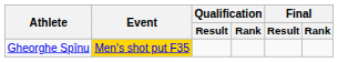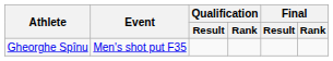 <table class="wikitable" style="font-size:90%">
 <tr>
 <th rowspan="2">Athlete</th>
 <th rowspan="2">Event</th>
 <th colspan="2">Qualification</th>
 <th colspan="2">Final</th>
 </tr>
 <tr style="font-size:95%">
 <th>Result</th>
 <th>Rank</th>
 <th>Result</th>
 <th>Rank</th>
 </tr>
 <tr align=center>
 <td align=left><a href='#'>Gheorghe Spînu</a></td>
-<td align=left style="background: gold;"><a href='#'>Men's shot put F35</a></td>
+<td align=left><a href='#'>Men's shot put F35</a></td>
 <td></td>
 <td></td>
 <td></td>
 <td></td>
 </tr>
 </table>
